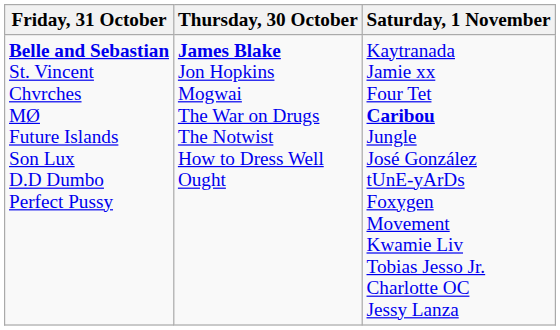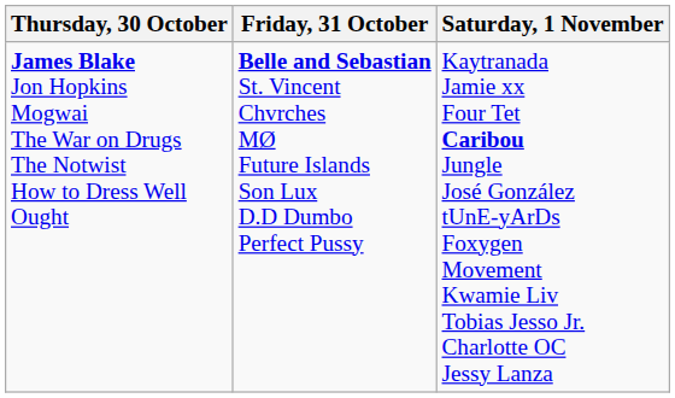 <table class="wikitable">
 <tr>
+<th>Thursday, 30 October</th>
 <th>Friday, 31 October</th>
-<th>Thursday, 30 October</th>
 <th>Saturday, 1 November</th>
 </tr>
 <tr valign="top">
+<td><strong><a href='#'>James Blake</a></strong><br><a href='#'>Jon Hopkins</a><br><a href='#'>Mogwai</a><br><a href='#'>The War on Drugs</a><br><a href='#'>The Notwist</a><br><a href='#'>How to Dress Well</a><br><a href='#'>Ought</a></td>
 <td><strong><a href='#'>Belle and Sebastian</a></strong><br><a href='#'>St. Vincent</a><br><a href='#'>Chvrches</a><br><a href='#'>MØ</a><br><a href='#'>Future Islands</a><br><a href='#'>Son Lux</a><br><a href='#'>D.D Dumbo</a><br><a href='#'>Perfect Pussy</a></td>
-<td><strong><a href='#'>James Blake</a></strong><br><a href='#'>Jon Hopkins</a><br><a href='#'>Mogwai</a><br><a href='#'>The War on Drugs</a><br><a href='#'>The Notwist</a><br><a href='#'>How to Dress Well</a><br><a href='#'>Ought</a></td>
 <td><a href='#'>Kaytranada</a><br><a href='#'>Jamie xx</a><br><a href='#'>Four Tet</a><br><strong><a href='#'>Caribou</a></strong><br><a href='#'>Jungle</a><br><a href='#'>José González</a><br><a href='#'>tUnE-yArDs</a><br><a href='#'>Foxygen</a><br><a href='#'>Movement</a><br><a href='#'>Kwamie Liv</a><br><a href='#'>Tobias Jesso Jr.</a><br><a href='#'>Charlotte OC</a><br><a href='#'>Jessy Lanza</a></td>
 </tr>
 </table>
